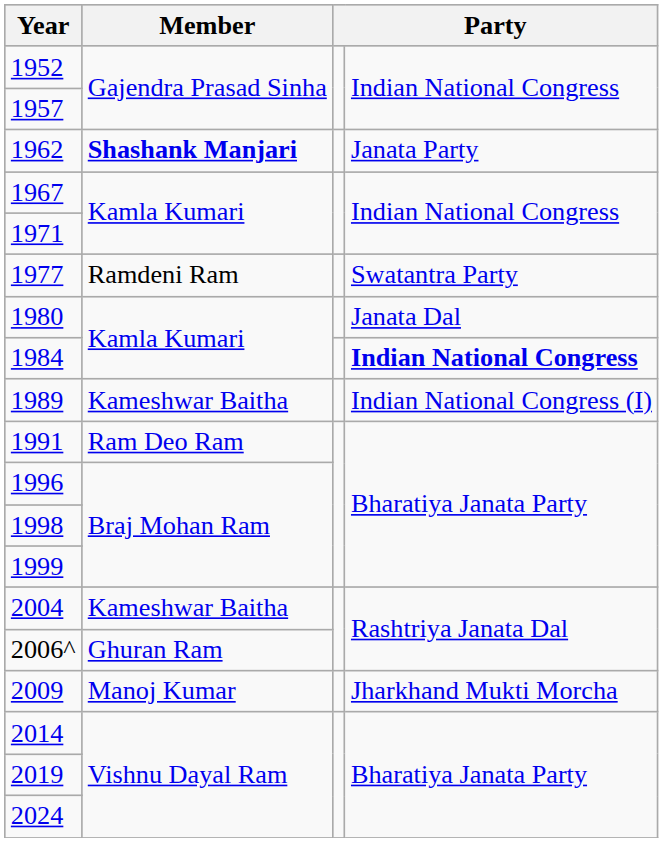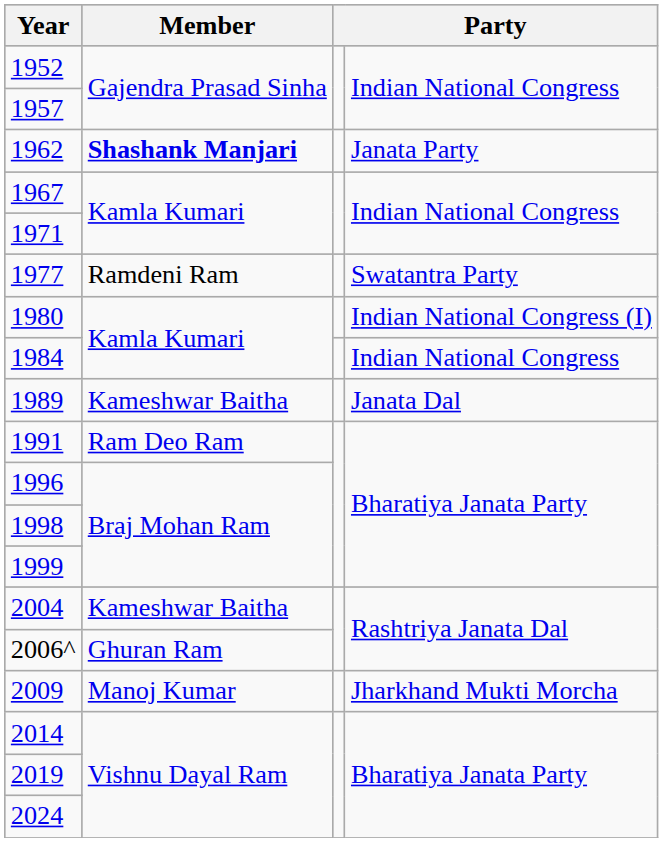 <table class="wikitable">
 <tr>
 <th>Year</th>
 <th>Member</th>
 <th colspan="2">Party</th>
 </tr>
 <tr>
 <td><a href='#'>1952</a></td>
 <td rowspan="2"><a href='#'>Gajendra Prasad Sinha</a></td>
 <td rowspan="2" style="background-color: "></td>
 <td rowspan="2"><a href='#'>Indian National Congress</a></td>
 </tr>
 <tr>
 <td><a href='#'>1957</a></td>
 </tr>
 <tr>
 <td><a href='#'>1962</a></td>
 <td><strong><a href='#'>Shashank Manjari</a></strong></td>
 <td style="background-color: "></td>
 <td><a href='#'>Janata Party</a></td>
 </tr>
 <tr>
 <td><a href='#'>1967</a></td>
 <td rowspan="2"><a href='#'>Kamla Kumari</a></td>
 <td rowspan="2" style="background-color: "></td>
 <td rowspan="2"><a href='#'>Indian National Congress</a></td>
 </tr>
 <tr>
 <td><a href='#'>1971</a></td>
 </tr>
 <tr>
 <td><a href='#'>1977</a></td>
 <td>Ramdeni Ram</td>
 <td style="background-color: "></td>
 <td><a href='#'>Swatantra Party</a></td>
 </tr>
 <tr>
 <td><a href='#'>1980</a></td>
 <td rowspan="2"><a href='#'>Kamla Kumari</a></td>
 <td style="background-color: "></td>
-<td><a href='#'>Janata Dal</a></td>
+<td><a href='#'>Indian National Congress (I)</a></td>
 </tr>
 <tr>
 <td><a href='#'>1984</a></td>
 <td style="background-color: "></td>
-<td><strong><a href='#'>Indian National Congress</a></strong></td>
+<td><a href='#'>Indian National Congress</a></td>
 </tr>
 <tr>
 <td><a href='#'>1989</a></td>
 <td><a href='#'>Kameshwar Baitha</a></td>
 <td style="background-color: "></td>
-<td><a href='#'>Indian National Congress (I)</a></td>
+<td><a href='#'>Janata Dal</a></td>
 </tr>
 <tr>
 <td><a href='#'>1991</a></td>
 <td><a href='#'>Ram Deo Ram</a></td>
 <td rowspan="4" style="background-color: "></td>
 <td rowspan="4"><a href='#'>Bharatiya Janata Party</a></td>
 </tr>
 <tr>
 <td><a href='#'>1996</a></td>
 <td rowspan="3"><a href='#'>Braj Mohan Ram</a></td>
 </tr>
 <tr>
 <td><a href='#'>1998</a></td>
 </tr>
 <tr>
 <td><a href='#'>1999</a></td>
 </tr>
 <tr>
 <td><a href='#'>2004</a></td>
 <td><a href='#'>Kameshwar Baitha</a></td>
 <td rowspan="2" style="background-color: "></td>
 <td rowspan="2"><a href='#'>Rashtriya Janata Dal</a></td>
 </tr>
 <tr>
 <td>2006^</td>
 <td><a href='#'>Ghuran Ram</a></td>
 </tr>
 <tr>
 <td><a href='#'>2009</a></td>
 <td><a href='#'>Manoj Kumar</a></td>
 <td style="background-color: "></td>
 <td><a href='#'>Jharkhand Mukti Morcha</a></td>
 </tr>
 <tr>
 <td><a href='#'>2014</a></td>
 <td rowspan="3"><a href='#'>Vishnu Dayal Ram</a></td>
 <td rowspan="3" style="background-color: "></td>
 <td rowspan="3"><a href='#'>Bharatiya Janata Party</a></td>
 </tr>
 <tr>
 <td><a href='#'>2019</a></td>
 </tr>
 <tr>
 <td><a href='#'>2024</a></td>
 </tr>
 </table>
